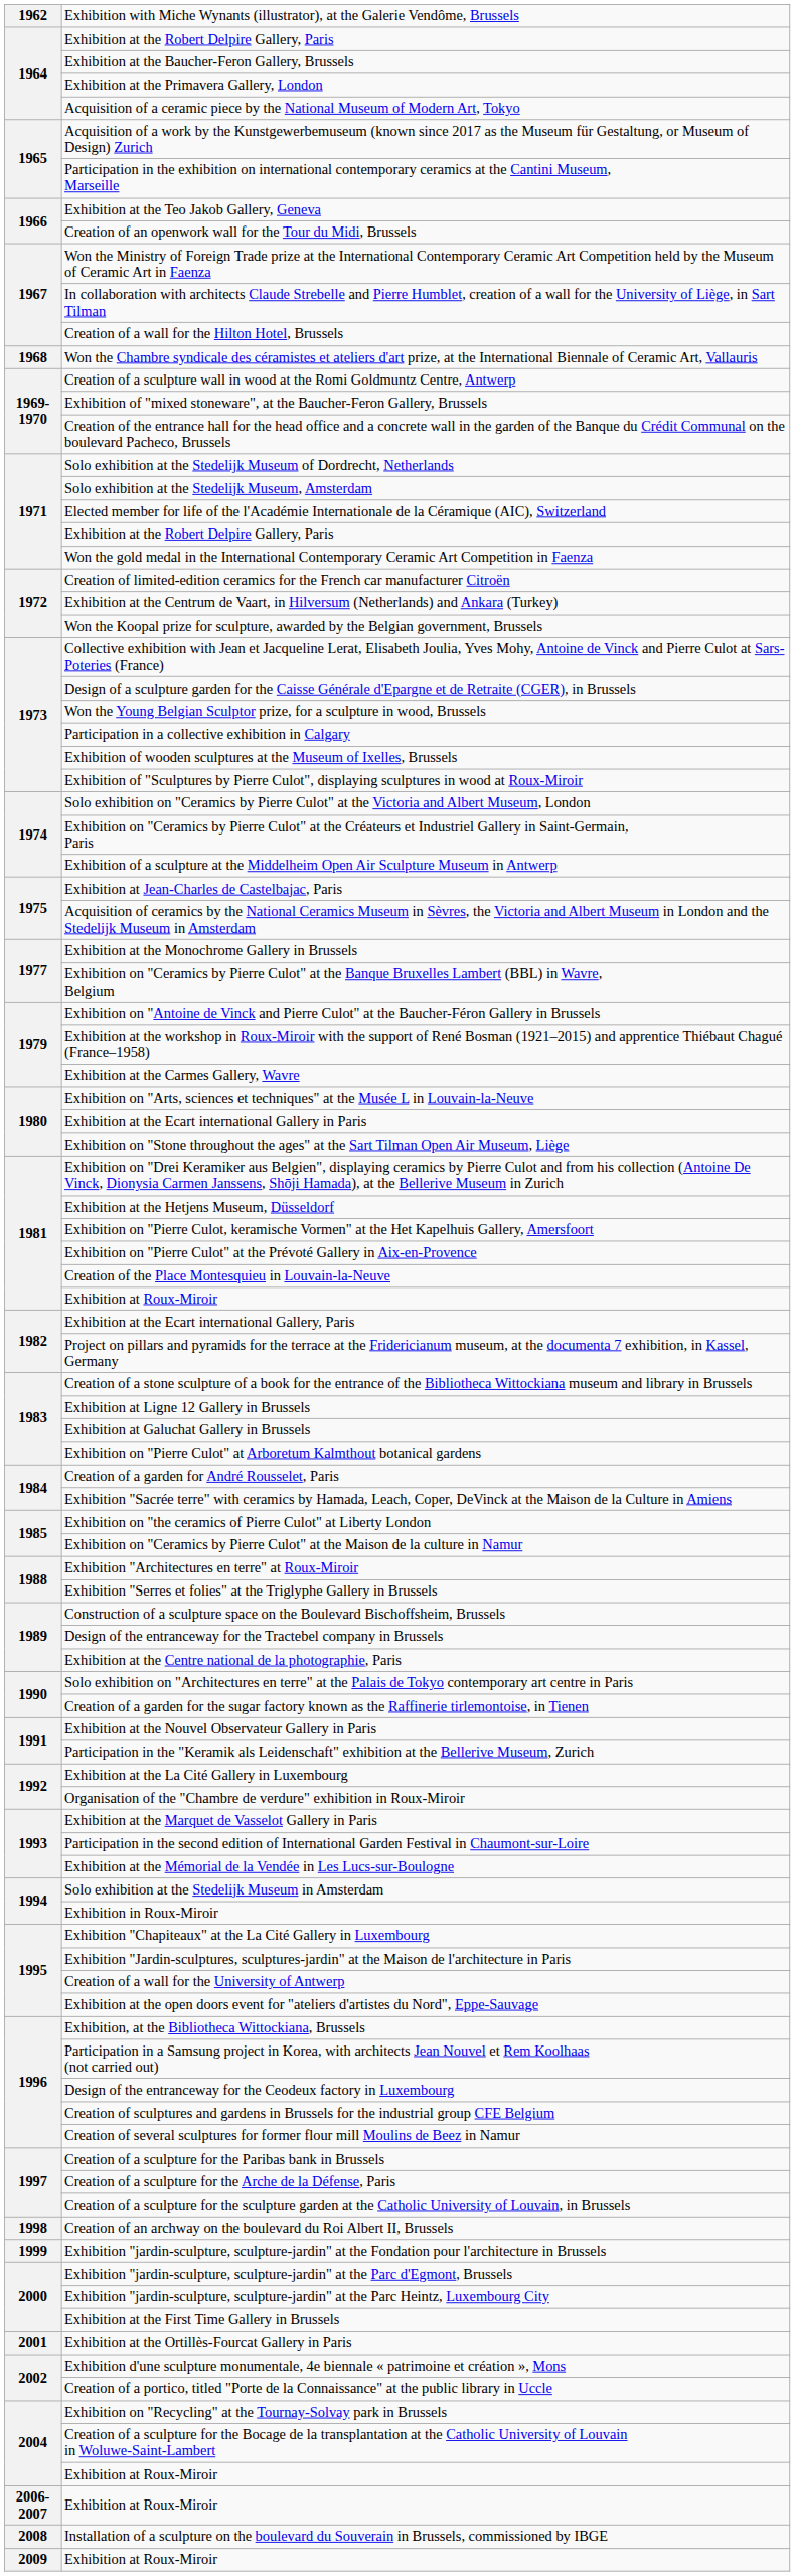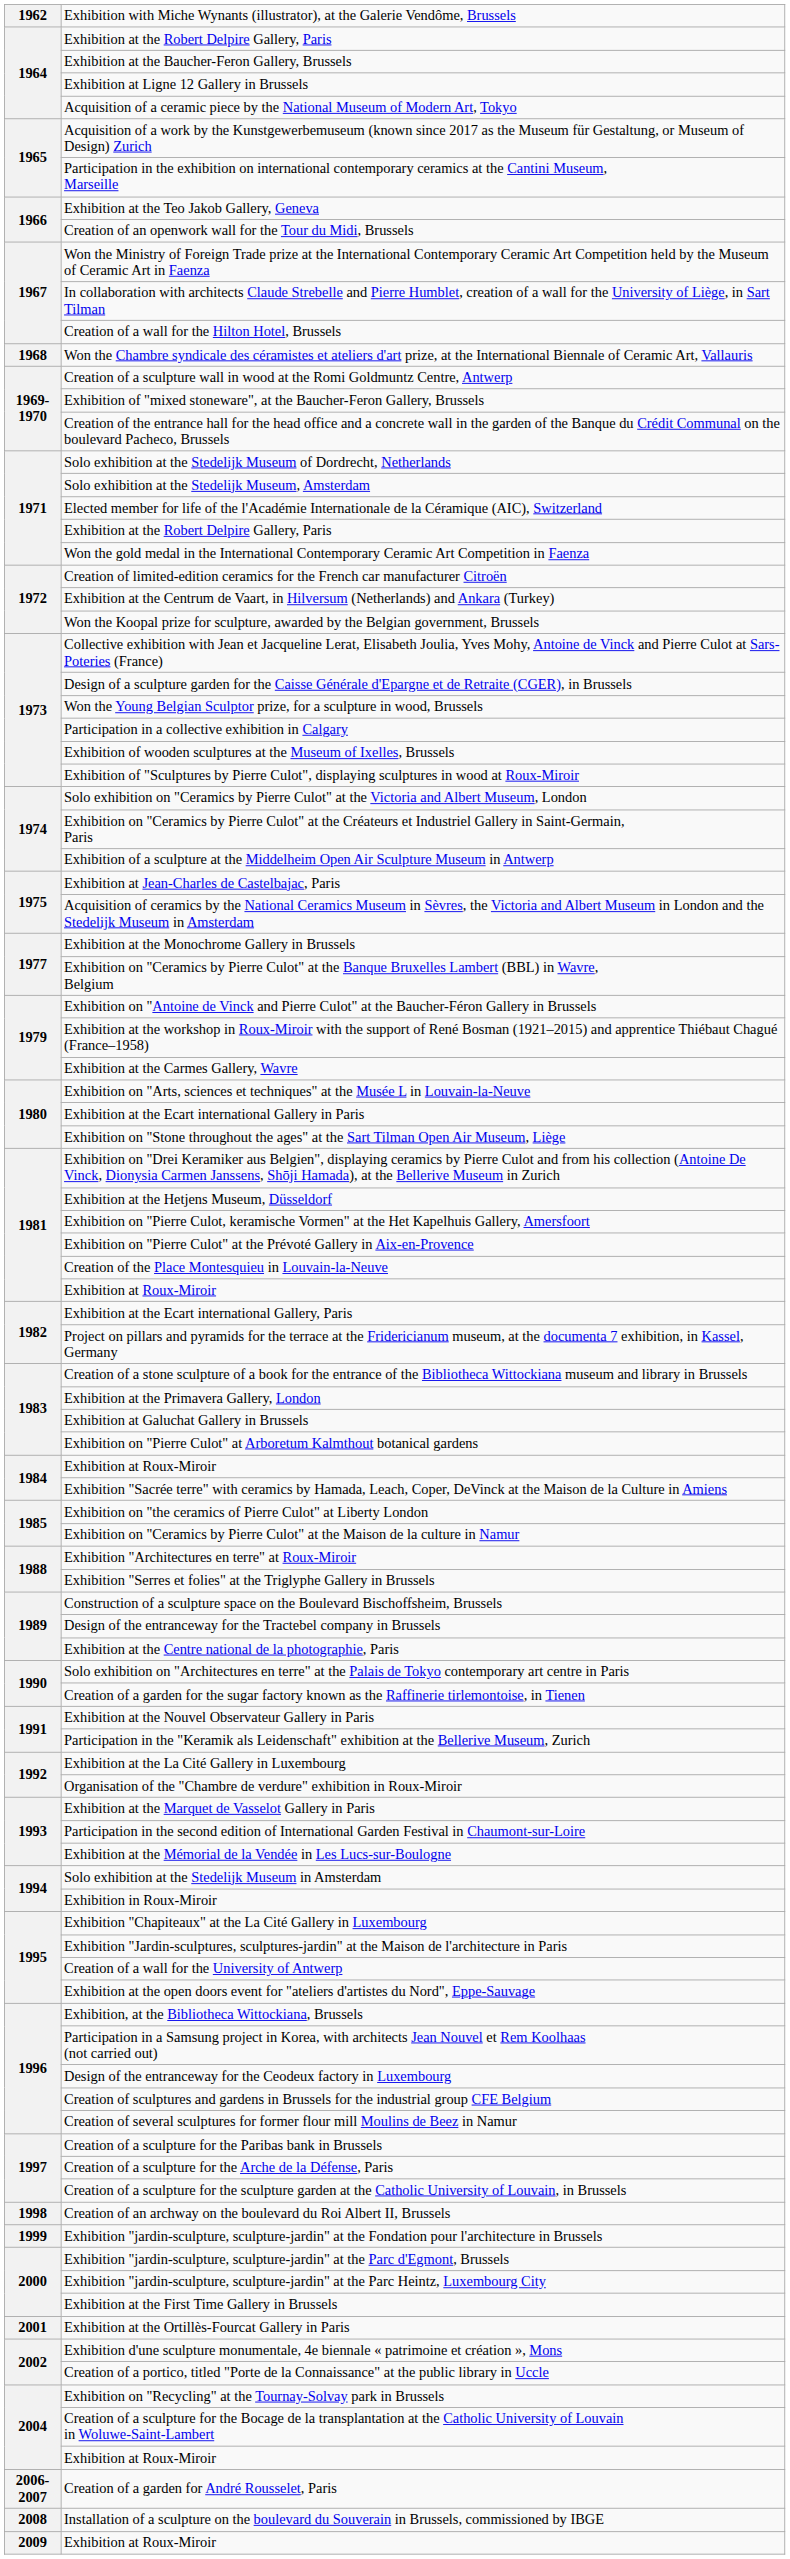 <table class="wikitable">
 <tr>
 <th>1962</th>
 <td>Exhibition with Miche Wynants (illustrator), at the Galerie Vendôme, <a href='#'>Brussels</a></td>
 </tr>
 <tr>
 <th rowspan="4">1964</th>
 <td>Exhibition at the <a href='#'>Robert Delpire</a> Gallery, <a href='#'>Paris</a></td>
 </tr>
 <tr>
 <td>Exhibition at the Baucher-Feron Gallery, Brussels</td>
 </tr>
 <tr>
-<td>Exhibition at the Primavera Gallery, <a href='#'>London</a></td>
+<td>Exhibition at Ligne 12 Gallery in Brussels</td>
 </tr>
 <tr>
 <td>Acquisition of a ceramic piece by the <a href='#'>National Museum of Modern Art</a>, <a href='#'>Tokyo</a></td>
 </tr>
 <tr>
 <th rowspan="2">1965</th>
 <td>Acquisition of a work by the Kunstgewerbemuseum (known since 2017 as the Museum für Gestaltung, or Museum of Design) <a href='#'>Zurich</a></td>
 </tr>
 <tr>
 <td>Participation in the exhibition on international contemporary ceramics at the <a href='#'>Cantini Museum</a>,<br><a href='#'>Marseille</a></td>
 </tr>
 <tr>
 <th rowspan="2">1966</th>
 <td>Exhibition at the Teo Jakob Gallery, <a href='#'>Geneva</a></td>
 </tr>
 <tr>
 <td>Creation of an openwork wall for the <a href='#'>Tour du Midi</a>, Brussels</td>
 </tr>
 <tr>
 <th rowspan="3">1967</th>
 <td>Won the Ministry of Foreign Trade prize at the International Contemporary Ceramic Art Competition held by the Museum of Ceramic Art in <a href='#'>Faenza</a></td>
 </tr>
 <tr>
 <td>In collaboration with architects <a href='#'>Claude Strebelle</a> and <a href='#'>Pierre Humblet</a>, creation of a wall for the <a href='#'>University of Liège</a>, in <a href='#'>Sart Tilman</a></td>
 </tr>
 <tr>
 <td>Creation of a wall for the <a href='#'>Hilton Hotel</a>, Brussels</td>
 </tr>
 <tr>
 <th>1968</th>
 <td>Won the <a href='#'>Chambre syndicale des céramistes et ateliers d'art</a> prize, at the International Biennale of Ceramic Art, <a href='#'>Vallauris</a></td>
 </tr>
 <tr>
 <th rowspan="3">1969-1970</th>
 <td>Creation of a sculpture wall in wood at the Romi Goldmuntz Centre, <a href='#'>Antwerp</a></td>
 </tr>
 <tr>
 <td>Exhibition of "mixed stoneware", at the Baucher-Feron Gallery, Brussels</td>
 </tr>
 <tr>
 <td>Creation of the entrance hall for the head office and a concrete wall in the garden of the Banque du <a href='#'>Crédit Communal</a> on the boulevard Pacheco, Brussels</td>
 </tr>
 <tr>
 <th rowspan="5">1971</th>
 <td>Solo exhibition at the <a href='#'>Stedelijk Museum</a> of Dordrecht, <a href='#'>Netherlands</a></td>
 </tr>
 <tr>
 <td>Solo exhibition at the <a href='#'>Stedelijk Museum</a>, <a href='#'>Amsterdam</a></td>
 </tr>
 <tr>
 <td>Elected member for life of the l'Académie Internationale de la Céramique (AIC), <a href='#'>Switzerland</a></td>
 </tr>
 <tr>
 <td>Exhibition at the <a href='#'>Robert Delpire</a> Gallery, Paris</td>
 </tr>
 <tr>
 <td>Won the gold medal in the International Contemporary Ceramic Art Competition in <a href='#'>Faenza</a></td>
 </tr>
 <tr>
 <th rowspan="3">1972</th>
 <td>Creation of limited-edition ceramics for the French car manufacturer <a href='#'>Citroën</a></td>
 </tr>
 <tr>
 <td>Exhibition at the Centrum de Vaart, in <a href='#'>Hilversum</a> (Netherlands) and <a href='#'>Ankara</a> (Turkey)</td>
 </tr>
 <tr>
 <td>Won the Koopal prize for sculpture, awarded by the Belgian government, Brussels</td>
 </tr>
 <tr>
 <th rowspan="6">1973</th>
 <td>Collective exhibition with Jean et Jacqueline Lerat, Elisabeth Joulia, Yves Mohy, <a href='#'>Antoine de Vinck</a> and Pierre Culot at <a href='#'>Sars-Poteries</a> (France)</td>
 </tr>
 <tr>
 <td>Design of a sculpture garden for the <a href='#'>Caisse Générale d'Epargne et de Retraite (CGER)</a>, in Brussels</td>
 </tr>
 <tr>
 <td>Won the <a href='#'>Young Belgian Sculptor</a> prize, for a sculpture in wood, Brussels</td>
 </tr>
 <tr>
 <td>Participation in a collective exhibition in <a href='#'>Calgary</a></td>
 </tr>
 <tr>
 <td>Exhibition of wooden sculptures at the <a href='#'>Museum of Ixelles</a>, Brussels</td>
 </tr>
 <tr>
 <td>Exhibition of "Sculptures by Pierre Culot", displaying sculptures in wood at <a href='#'>Roux-Miroir</a></td>
 </tr>
 <tr>
 <th rowspan="3">1974</th>
 <td>Solo exhibition on "Ceramics by Pierre Culot" at the <a href='#'>Victoria and Albert Museum</a>, London</td>
 </tr>
 <tr>
 <td>Exhibition on "Ceramics by Pierre Culot" at the Créateurs et Industriel Gallery in Saint-Germain,<br>Paris</td>
 </tr>
 <tr>
 <td>Exhibition of a sculpture at the <a href='#'>Middelheim Open Air Sculpture Museum</a> in <a href='#'>Antwerp</a></td>
 </tr>
 <tr>
 <th rowspan="2">1975</th>
 <td>Exhibition at <a href='#'>Jean-Charles de Castelbajac</a>, Paris</td>
 </tr>
 <tr>
 <td>Acquisition of ceramics by the <a href='#'>National Ceramics Museum</a> in <a href='#'>Sèvres</a>, the <a href='#'>Victoria and Albert Museum</a> in London and the <a href='#'>Stedelijk Museum</a> in <a href='#'>Amsterdam</a></td>
 </tr>
 <tr>
 <th rowspan="2">1977</th>
 <td>Exhibition at the Monochrome Gallery in Brussels</td>
 </tr>
 <tr>
 <td>Exhibition on "Ceramics by Pierre Culot" at the <a href='#'>Banque Bruxelles Lambert</a> (BBL) in <a href='#'>Wavre</a>,<br>Belgium</td>
 </tr>
 <tr>
 <th rowspan="3">1979</th>
 <td>Exhibition on "<a href='#'>Antoine de Vinck</a> and Pierre Culot" at the Baucher-Féron Gallery in Brussels</td>
 </tr>
 <tr>
 <td>Exhibition at the workshop in <a href='#'>Roux-Miroir</a> with the support of René Bosman (1921–2015) and apprentice Thiébaut Chagué (France–1958)</td>
 </tr>
 <tr>
 <td>Exhibition at the Carmes Gallery, <a href='#'>Wavre</a></td>
 </tr>
 <tr>
 <th rowspan="3">1980</th>
 <td>Exhibition on "Arts, sciences et techniques" at the <a href='#'>Musée L</a> in <a href='#'>Louvain-la-Neuve</a></td>
 </tr>
 <tr>
 <td>Exhibition at the Ecart international Gallery in Paris</td>
 </tr>
 <tr>
 <td>Exhibition on "Stone throughout the ages" at the <a href='#'>Sart Tilman Open Air Museum</a>, <a href='#'>Liège</a></td>
 </tr>
 <tr>
 <th rowspan="6"><strong>1981</strong></th>
 <td>Exhibition on "Drei Keramiker aus Belgien", displaying ceramics by Pierre Culot and from his collection (<a href='#'>Antoine De Vinck</a>, <a href='#'>Dionysia Carmen Janssens</a>, <a href='#'>Shōji Hamada</a>), at the <a href='#'>Bellerive Museum</a> in Zurich</td>
 </tr>
 <tr>
 <td>Exhibition at the Hetjens Museum, <a href='#'>Düsseldorf</a></td>
 </tr>
 <tr>
 <td>Exhibition on "Pierre Culot, keramische Vormen" at the Het Kapelhuis Gallery, <a href='#'>Amersfoort</a></td>
 </tr>
 <tr>
 <td>Exhibition on "Pierre Culot" at the Prévoté Gallery in <a href='#'>Aix-en-Provence</a></td>
 </tr>
 <tr>
 <td>Creation of the <a href='#'>Place Montesquieu</a> in <a href='#'>Louvain-la-Neuve</a></td>
 </tr>
 <tr>
 <td>Exhibition at <a href='#'>Roux-Miroir</a></td>
 </tr>
 <tr>
 <th rowspan="2">1982</th>
 <td>Exhibition at the Ecart international Gallery, Paris</td>
 </tr>
 <tr>
 <td>Project on pillars and pyramids for the terrace at the <a href='#'>Fridericianum</a> museum, at the <a href='#'>documenta 7</a> exhibition, in <a href='#'>Kassel</a>, Germany</td>
 </tr>
 <tr>
 <th rowspan="4">1983</th>
 <td>Creation of a stone sculpture of a book for the entrance of the <a href='#'>Bibliotheca Wittockiana</a> museum and library in Brussels</td>
 </tr>
 <tr>
-<td>Exhibition at Ligne 12 Gallery in Brussels</td>
+<td>Exhibition at the Primavera Gallery, <a href='#'>London</a></td>
 </tr>
 <tr>
 <td>Exhibition at Galuchat Gallery in Brussels</td>
 </tr>
 <tr>
 <td>Exhibition on "Pierre Culot" at <a href='#'>Arboretum Kalmthout</a> botanical gardens</td>
 </tr>
 <tr>
 <th rowspan="2">1984</th>
-<td>Creation of a garden for <a href='#'>André Rousselet</a>, Paris</td>
+<td>Exhibition at Roux-Miroir</td>
 </tr>
 <tr>
 <td>Exhibition "Sacrée terre" with ceramics by Hamada, Leach, Coper, DeVinck at the Maison de la Culture in <a href='#'>Amiens</a></td>
 </tr>
 <tr>
 <th rowspan="2">1985</th>
 <td>Exhibition on "the ceramics of Pierre Culot" at Liberty London</td>
 </tr>
 <tr>
 <td>Exhibition on "Ceramics by Pierre Culot" at the Maison de la culture in <a href='#'>Namur</a></td>
 </tr>
 <tr>
 <th rowspan="2">1988</th>
 <td>Exhibition "Architectures en terre" at <a href='#'>Roux-Miroir</a></td>
 </tr>
 <tr>
 <td>Exhibition "Serres et folies" at the Triglyphe Gallery in Brussels</td>
 </tr>
 <tr>
 <th rowspan="3">1989</th>
 <td>Construction of a sculpture space on the Boulevard Bischoffsheim, Brussels</td>
 </tr>
 <tr>
 <td>Design of the entranceway for the Tractebel company in Brussels</td>
 </tr>
 <tr>
 <td>Exhibition at the <a href='#'>Centre national de la photographie</a>, Paris</td>
 </tr>
 <tr>
 <th rowspan="2">1990</th>
 <td>Solo exhibition on "Architectures en terre" at the <a href='#'>Palais de Tokyo</a> contemporary art centre in Paris</td>
 </tr>
 <tr>
 <td>Creation of a garden for the sugar factory known as the <a href='#'>Raffinerie tirlemontoise</a>, in <a href='#'>Tienen</a></td>
 </tr>
 <tr>
 <th rowspan="2">1991</th>
 <td>Exhibition at the Nouvel Observateur Gallery in Paris</td>
 </tr>
 <tr>
 <td>Participation in the "Keramik als Leidenschaft" exhibition at the <a href='#'>Bellerive Museum</a>, Zurich</td>
 </tr>
 <tr>
 <th rowspan="2">1992</th>
 <td>Exhibition at the La Cité Gallery in Luxembourg</td>
 </tr>
 <tr>
 <td>Organisation of the "Chambre de verdure" exhibition in Roux-Miroir</td>
 </tr>
 <tr>
 <th rowspan="3">1993</th>
 <td>Exhibition at the <a href='#'>Marquet de Vasselot</a> Gallery in Paris</td>
 </tr>
 <tr>
 <td>Participation in the second edition of International Garden Festival in <a href='#'>Chaumont-sur-Loire</a></td>
 </tr>
 <tr>
 <td>Exhibition at the <a href='#'>Mémorial de la Vendée</a> in <a href='#'>Les Lucs-sur-Boulogne</a></td>
 </tr>
 <tr>
 <th rowspan="2">1994</th>
 <td>Solo exhibition at the <a href='#'>Stedelijk Museum</a> in Amsterdam</td>
 </tr>
 <tr>
 <td>Exhibition in Roux-Miroir</td>
 </tr>
 <tr>
 <th rowspan="4">1995</th>
 <td>Exhibition "Chapiteaux" at the La Cité Gallery in <a href='#'>Luxembourg</a></td>
 </tr>
 <tr>
 <td>Exhibition "Jardin-sculptures, sculptures-jardin" at the Maison de l'architecture in Paris</td>
 </tr>
 <tr>
 <td>Creation of a wall for the <a href='#'>University of Antwerp</a></td>
 </tr>
 <tr>
 <td>Exhibition at the open doors event for "ateliers d'artistes du Nord", <a href='#'>Eppe-Sauvage</a></td>
 </tr>
 <tr>
 <th rowspan="5">1996</th>
 <td>Exhibition, at the <a href='#'>Bibliotheca Wittockiana</a>, Brussels</td>
 </tr>
 <tr>
 <td>Participation in a Samsung project in Korea, with architects <a href='#'>Jean Nouvel</a> et <a href='#'>Rem Koolhaas</a><br>(not carried out)</td>
 </tr>
 <tr>
 <td>Design of the entranceway for the Ceodeux factory in <a href='#'>Luxembourg</a></td>
 </tr>
 <tr>
 <td>Creation of sculptures and gardens in Brussels for the industrial group <a href='#'>CFE Belgium</a></td>
 </tr>
 <tr>
 <td>Creation of several sculptures for former flour mill <a href='#'>Moulins de Beez</a> in Namur</td>
 </tr>
 <tr>
 <th rowspan="3">1997</th>
 <td>Creation of a sculpture for the Paribas bank in Brussels</td>
 </tr>
 <tr>
 <td>Creation of a sculpture for the <a href='#'>Arche de la Défense</a>, Paris</td>
 </tr>
 <tr>
 <td>Creation of a sculpture for the sculpture garden at the <a href='#'>Catholic University of Louvain</a>, in Brussels</td>
 </tr>
 <tr>
 <th>1998</th>
 <td>Creation of an archway on the boulevard du Roi Albert II, Brussels</td>
 </tr>
 <tr>
 <th>1999</th>
 <td>Exhibition "jardin-sculpture, sculpture-jardin" at the Fondation pour l'architecture in Brussels</td>
 </tr>
 <tr>
 <th rowspan="3">2000</th>
 <td>Exhibition "jardin-sculpture, sculpture-jardin" at the <a href='#'>Parc d'Egmont</a>, Brussels</td>
 </tr>
 <tr>
 <td>Exhibition "jardin-sculpture, sculpture-jardin" at the Parc Heintz, <a href='#'>Luxembourg City</a></td>
 </tr>
 <tr>
 <td>Exhibition at the First Time Gallery in Brussels</td>
 </tr>
 <tr>
 <th>2001</th>
 <td>Exhibition at the Ortillès-Fourcat Gallery in Paris</td>
 </tr>
 <tr>
 <th rowspan="2">2002</th>
 <td>Exhibition d'une sculpture monumentale, 4e biennale « patrimoine et création », <a href='#'>Mons</a></td>
 </tr>
 <tr>
 <td>Creation of a portico, titled "Porte de la Connaissance" at the public library in <a href='#'>Uccle</a></td>
 </tr>
 <tr>
 <th rowspan="3">2004</th>
 <td>Exhibition on "Recycling" at the <a href='#'>Tournay-Solvay</a> park in Brussels</td>
 </tr>
 <tr>
 <td>Creation of a sculpture for the Bocage de la transplantation at the <a href='#'>Catholic University of Louvain</a><br>in <a href='#'>Woluwe-Saint-Lambert</a></td>
 </tr>
 <tr>
 <td>Exhibition at Roux-Miroir</td>
 </tr>
 <tr>
 <th>2006-2007</th>
-<td>Exhibition at Roux-Miroir</td>
+<td>Creation of a garden for <a href='#'>André Rousselet</a>, Paris</td>
 </tr>
 <tr>
 <th>2008</th>
 <td>Installation of a sculpture on the <a href='#'>boulevard du Souverain</a> in Brussels, commissioned by IBGE</td>
 </tr>
 <tr>
 <th>2009</th>
 <td>Exhibition at Roux-Miroir</td>
 </tr>
 </table>
